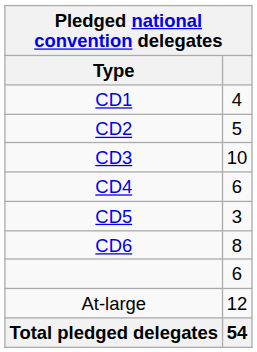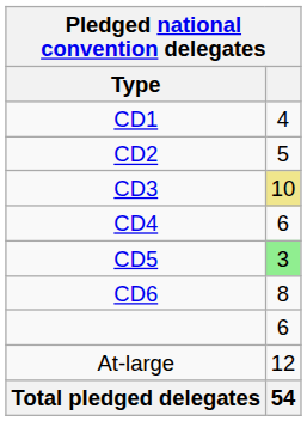 <table class="wikitable sortable" style="font-size:90%;text-align:center;float:right;padding:5px;">
 <tr>
 <th colspan="2">Pledged <a href='#'>national<br>convention</a> delegates</th>
 </tr>
 <tr>
 <th>Type</th>
 <th></th>
 </tr>
 <tr>
 <td><a href='#'>CD1</a></td>
 <td>4</td>
 </tr>
 <tr>
 <td><a href='#'>CD2</a></td>
 <td>5</td>
 </tr>
 <tr>
 <td><a href='#'>CD3</a></td>
-<td>10</td>
+<td style="background: khaki;">10</td>
 </tr>
 <tr>
 <td><a href='#'>CD4</a></td>
 <td>6</td>
 </tr>
 <tr>
 <td><a href='#'>CD5</a></td>
-<td>3</td>
+<td style="background: lightgreen;">3</td>
 </tr>
 <tr>
 <td><a href='#'>CD6</a></td>
 <td>8</td>
 </tr>
 <tr>
 <td></td>
 <td>6</td>
 </tr>
 <tr>
 <td>At-large</td>
 <td>12</td>
 </tr>
 <tr>
 <th>Total pledged delegates</th>
 <th>54</th>
 </tr>
 </table>
